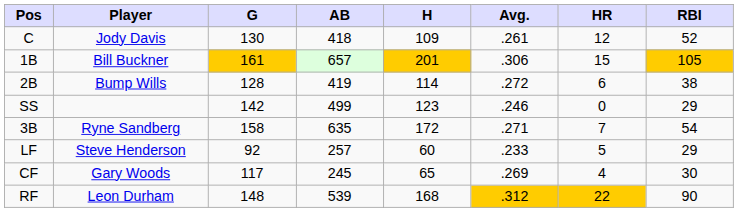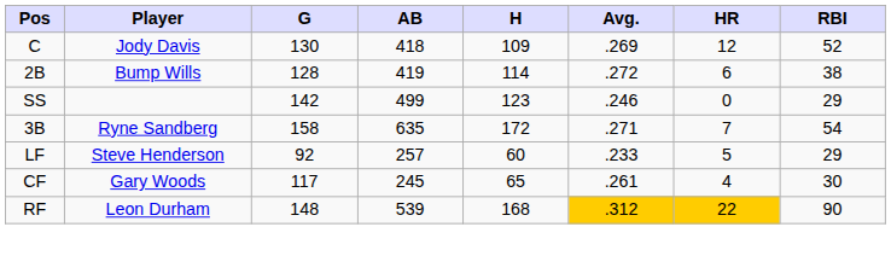 <table class="wikitable sortable">
 <tr>
 <th style="background:#ddf; width:5%;">Pos</th>
 <th style="background:#ddf; width:16%;">Player</th>
 <th style="background:#ddf; width:9%;">G</th>
 <th style="background:#ddf; width:9%;">AB</th>
 <th style="background:#ddf; width:9%;">H</th>
 <th style="background:#ddf; width:9%;">Avg.</th>
 <th style="background:#ddf; width:9%;">HR</th>
 <th style="background:#ddf; width:9%;">RBI</th>
 </tr>
 <tr style="text-align:center;">
 <td>C</td>
 <td><a href='#'>Jody Davis</a></td>
 <td>130</td>
 <td>418</td>
 <td>109</td>
-<td>.261</td>
+<td>.269</td>
 <td>12</td>
 <td>52</td>
-</tr>
-<tr align=center>
-<td>1B</td>
-<td><a href='#'>Bill Buckner</a></td>
-<td style="background:#fc0;">161</td>
-<td style="background:#DDFFDD;">657</td>
-<td style="background:#fc0;">201</td>
-<td>.306</td>
-<td>15</td>
-<td style="background:#fc0;">105</td>
 </tr>
 <tr align=center>
 <td>2B</td>
 <td><a href='#'>Bump Wills</a></td>
 <td>128</td>
 <td>419</td>
 <td>114</td>
 <td>.272</td>
 <td>6</td>
 <td>38</td>
 </tr>
 <tr align=center>
 <td>SS</td>
 <td></td>
 <td>142</td>
 <td>499</td>
 <td>123</td>
 <td>.246</td>
 <td>0</td>
 <td>29</td>
 </tr>
 <tr align=center>
 <td>3B</td>
 <td><a href='#'>Ryne Sandberg</a></td>
 <td>158</td>
 <td>635</td>
 <td>172</td>
 <td>.271</td>
 <td>7</td>
 <td>54</td>
 </tr>
 <tr align=center>
 <td>LF</td>
 <td><a href='#'>Steve Henderson</a></td>
 <td>92</td>
 <td>257</td>
 <td>60</td>
 <td>.233</td>
 <td>5</td>
 <td>29</td>
 </tr>
 <tr align=center>
 <td>CF</td>
 <td><a href='#'>Gary Woods</a></td>
 <td>117</td>
 <td>245</td>
 <td>65</td>
-<td>.269</td>
+<td>.261</td>
 <td>4</td>
 <td>30</td>
 </tr>
 <tr align=center>
 <td>RF</td>
 <td><a href='#'>Leon Durham</a></td>
 <td>148</td>
 <td>539</td>
 <td>168</td>
 <td style="background:#fc0;">.312</td>
 <td style="background:#fc0;">22</td>
 <td>90</td>
 </tr>
 </table>
